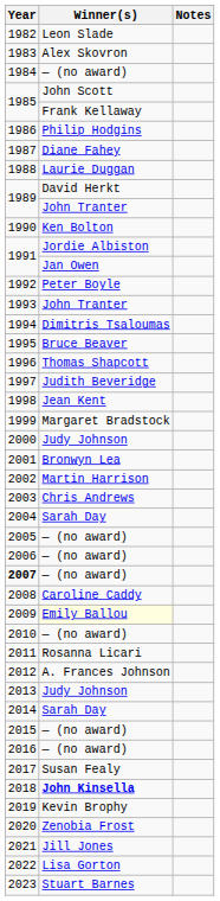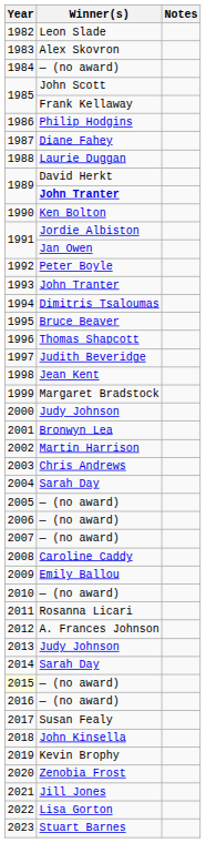 <table class="wikitable">
 <tr>
 <th>Year</th>
 <th>Winner(s)</th>
 <th>Notes</th>
 </tr>
 <tr>
 <td>1982</td>
 <td>Leon Slade</td>
 <td></td>
 </tr>
 <tr>
 <td>1983</td>
 <td>Alex Skovron</td>
 <td></td>
 </tr>
 <tr>
 <td>1984</td>
 <td>— (no award)</td>
 <td></td>
 </tr>
 <tr>
 <td rowspan="2">1985</td>
 <td>John Scott</td>
 <td></td>
 </tr>
 <tr>
 <td>Frank Kellaway</td>
 <td></td>
 </tr>
 <tr>
 <td>1986</td>
 <td><a href='#'>Philip Hodgins</a></td>
 <td></td>
 </tr>
 <tr>
 <td>1987</td>
 <td><a href='#'>Diane Fahey</a></td>
 <td></td>
 </tr>
 <tr>
 <td>1988</td>
 <td><a href='#'>Laurie Duggan</a></td>
 <td></td>
 </tr>
 <tr>
 <td rowspan="2">1989</td>
 <td>David Herkt</td>
 <td></td>
 </tr>
 <tr>
-<td><a href='#'>John Tranter</a></td>
+<td><strong><a href='#'>John Tranter</a></strong></td>
 <td></td>
 </tr>
 <tr>
 <td>1990</td>
 <td><a href='#'>Ken Bolton</a></td>
 <td></td>
 </tr>
 <tr>
 <td rowspan="2">1991</td>
 <td><a href='#'>Jordie Albiston</a></td>
 <td></td>
 </tr>
 <tr>
 <td><a href='#'>Jan Owen</a></td>
 <td></td>
 </tr>
 <tr>
 <td>1992</td>
 <td><a href='#'>Peter Boyle</a></td>
 <td></td>
 </tr>
 <tr>
 <td>1993</td>
 <td><a href='#'>John Tranter</a></td>
 <td></td>
 </tr>
 <tr>
 <td>1994</td>
 <td><a href='#'>Dimitris Tsaloumas</a></td>
 <td></td>
 </tr>
 <tr>
 <td>1995</td>
 <td><a href='#'>Bruce Beaver</a></td>
 <td></td>
 </tr>
 <tr>
 <td>1996</td>
 <td><a href='#'>Thomas Shapcott</a></td>
 <td></td>
 </tr>
 <tr>
 <td>1997</td>
 <td><a href='#'>Judith Beveridge</a></td>
 <td></td>
 </tr>
 <tr>
 <td>1998</td>
 <td><a href='#'>Jean Kent</a></td>
 <td></td>
 </tr>
 <tr>
 <td>1999</td>
 <td>Margaret Bradstock</td>
 <td></td>
 </tr>
 <tr>
 <td>2000</td>
 <td><a href='#'>Judy Johnson</a></td>
 <td></td>
 </tr>
 <tr>
 <td>2001</td>
 <td><a href='#'>Bronwyn Lea</a></td>
 <td></td>
 </tr>
 <tr>
 <td>2002</td>
 <td><a href='#'>Martin Harrison</a></td>
 <td></td>
 </tr>
 <tr>
 <td>2003</td>
 <td><a href='#'>Chris Andrews</a></td>
 <td></td>
 </tr>
 <tr>
 <td>2004</td>
 <td><a href='#'>Sarah Day</a></td>
 <td></td>
 </tr>
 <tr>
 <td>2005</td>
 <td>— (no award)</td>
 <td></td>
 </tr>
 <tr>
 <td>2006</td>
 <td>— (no award)</td>
 <td></td>
 </tr>
 <tr>
-<td><strong>2007</strong></td>
+<td>2007</td>
 <td>— (no award)</td>
 <td></td>
 </tr>
 <tr>
 <td>2008</td>
 <td><a href='#'>Caroline Caddy</a></td>
 <td></td>
 </tr>
 <tr>
 <td>2009</td>
-<td style="background: lightyellow;"><a href='#'>Emily Ballou</a></td>
+<td><a href='#'>Emily Ballou</a></td>
 <td></td>
 </tr>
 <tr>
 <td>2010</td>
 <td>— (no award)</td>
 <td></td>
 </tr>
 <tr>
 <td>2011</td>
 <td>Rosanna Licari</td>
 <td></td>
 </tr>
 <tr>
 <td>2012</td>
 <td>A. Frances Johnson</td>
 <td></td>
 </tr>
 <tr>
 <td>2013</td>
 <td><a href='#'>Judy Johnson</a></td>
 <td></td>
 </tr>
 <tr>
 <td>2014</td>
 <td><a href='#'>Sarah Day</a></td>
 <td></td>
 </tr>
 <tr>
-<td>2015</td>
+<td style="background: lightyellow;">2015</td>
 <td>— (no award)</td>
 <td></td>
 </tr>
 <tr>
 <td>2016</td>
 <td>— (no award)</td>
 <td></td>
 </tr>
 <tr>
 <td>2017</td>
 <td>Susan Fealy</td>
 <td></td>
 </tr>
 <tr>
 <td>2018</td>
-<td><strong><a href='#'>John Kinsella</a></strong></td>
+<td><a href='#'>John Kinsella</a></td>
 <td></td>
 </tr>
 <tr>
 <td>2019</td>
 <td>Kevin Brophy</td>
 <td></td>
 </tr>
 <tr>
 <td>2020</td>
 <td><a href='#'>Zenobia Frost</a></td>
 <td></td>
 </tr>
 <tr>
 <td>2021</td>
 <td><a href='#'>Jill Jones</a></td>
 <td></td>
 </tr>
 <tr>
 <td>2022</td>
 <td><a href='#'>Lisa Gorton</a></td>
 <td></td>
 </tr>
 <tr>
 <td>2023</td>
 <td><a href='#'>Stuart Barnes</a></td>
 <td></td>
 </tr>
 </table>
